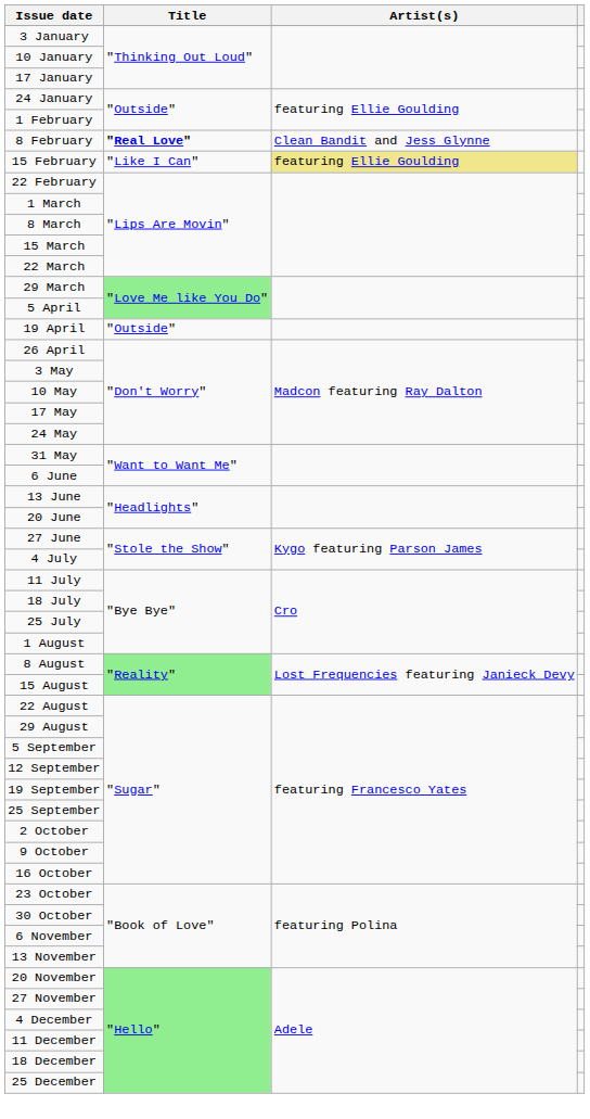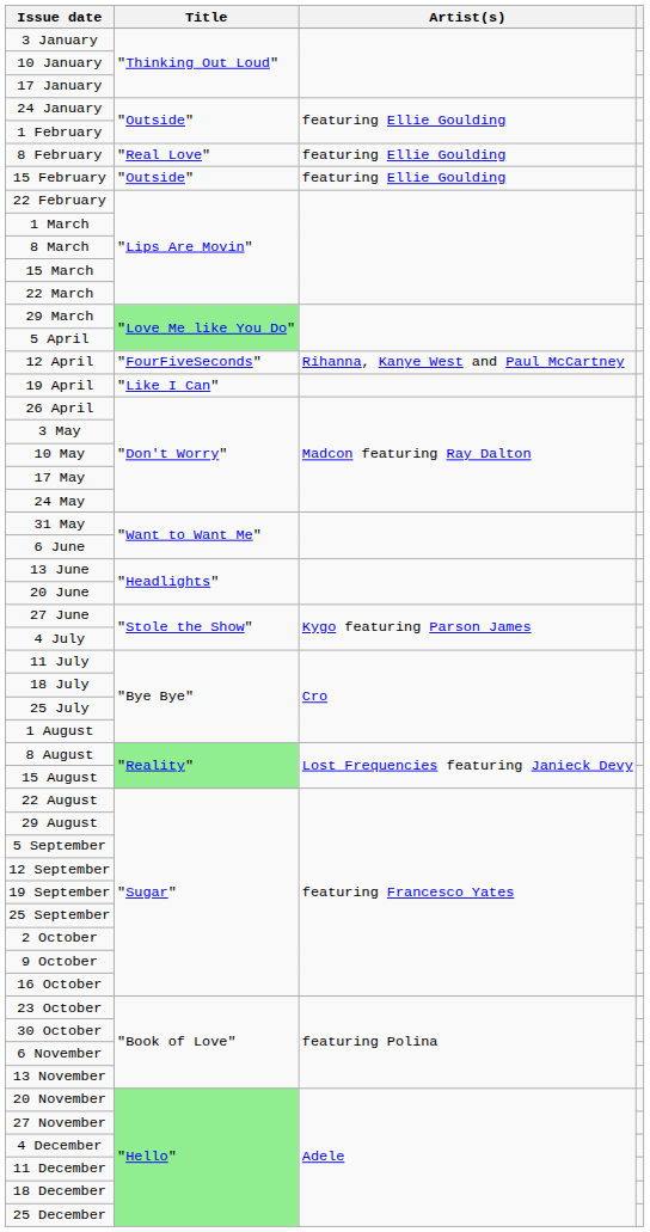 <table class="sortable wikitable sortable plainrowheaders">
 <tr>
 <th scope=col class="sortable">Issue date</th>
 <th scope=col class="sortable">Title</th>
 <th scope=col class="sortable">Artist(s)</th>
 <th scope=col class="unsortable"></th>
 </tr>
 <tr class=unsortable>
 </tr>
 <tr>
 <td scope="row" style="text-align:center;">3 January</td>
 <td scope="row" rowspan="3">"<a href='#'>Thinking Out Loud</a>"</td>
 <td rowspan="3"></td>
 <td style="text-align:center;"></td>
 </tr>
 <tr>
 <td scope="row" style="text-align:center;">10 January</td>
 <td style="text-align:center;"></td>
 </tr>
 <tr>
 <td scope="row" style="text-align:center;">17 January</td>
 <td style="text-align:center;"></td>
 </tr>
 <tr>
 <td scope="row" style="text-align:center;">24 January</td>
 <td scope="row" rowspan="2">"<a href='#'>Outside</a>"</td>
 <td rowspan="2"> featuring <a href='#'>Ellie Goulding</a></td>
 <td style="text-align:center;"></td>
 </tr>
 <tr>
 <td scope="row" style="text-align:center;">1 February</td>
 <td style="text-align:center;"></td>
 </tr>
 <tr>
 <td scope="row" style="text-align:center;">8 February</td>
-<td scope="row"><strong>"<a href='#'>Real Love</a>"</strong></td>
-<td><a href='#'>Clean Bandit</a> and <a href='#'>Jess Glynne</a></td>
+<td scope="row">"<a href='#'>Real Love</a>"</td>
+<td> featuring <a href='#'>Ellie Goulding</a></td>
 <td style="text-align:center;"></td>
 </tr>
 <tr>
 <td scope="row" style="text-align:center;">15 February</td>
-<td scope="row">"<a href='#'>Like I Can</a>"</td>
-<td style="background: khaki;"> featuring <a href='#'>Ellie Goulding</a></td>
+<td scope="row">"<a href='#'>Outside</a>"</td>
+<td> featuring <a href='#'>Ellie Goulding</a></td>
 <td style="text-align:center;"></td>
 </tr>
 <tr>
 <td scope="row" style="text-align:center;">22 February</td>
 <td scope="row" rowspan="5">"<a href='#'>Lips Are Movin</a>"</td>
 <td rowspan="5"></td>
 <td style="text-align:center;"></td>
 </tr>
 <tr>
 <td scope="row" style="text-align:center;">1 March</td>
 <td style="text-align:center;"></td>
 </tr>
 <tr>
 <td scope="row" style="text-align:center;">8 March</td>
 <td style="text-align:center;"></td>
 </tr>
 <tr>
 <td scope="row" style="text-align:center;">15 March</td>
 <td style="text-align:center;"></td>
 </tr>
 <tr>
 <td scope="row" style="text-align:center;">22 March</td>
 <td style="text-align:center;"></td>
 </tr>
 <tr>
 <td scope="row" style="text-align:center;">29 March</td>
 <td scope="row" rowspan="2" style="background-color:lightgreen">"<a href='#'>Love Me like You Do</a>" </td>
 <td rowspan="2"></td>
 <td style="text-align:center;"></td>
 </tr>
 <tr>
 <td scope="row" style="text-align:center;">5 April</td>
 <td style="text-align:center;"></td>
 </tr>
 <tr>
+<td scope="row" style="text-align:center;">12 April</td>
+<td scope="row">"<a href='#'>FourFiveSeconds</a>"</td>
+<td><a href='#'>Rihanna</a>, <a href='#'>Kanye West</a> and <a href='#'>Paul McCartney</a></td>
+<td style="text-align:center;"></td>
+</tr>
+<tr>
 <td scope="row" style="text-align:center;">19 April</td>
-<td scope="row">"<a href='#'>Outside</a>"</td>
+<td scope="row">"<a href='#'>Like I Can</a>"</td>
 <td></td>
 <td style="text-align:center;"></td>
 </tr>
 <tr>
 <td scope="row" style="text-align:center;">26 April</td>
 <td scope="row" rowspan="5">"<a href='#'>Don't Worry</a>"</td>
 <td rowspan="5"><a href='#'>Madcon</a> featuring <a href='#'>Ray Dalton</a></td>
 <td style="text-align:center;"></td>
 </tr>
 <tr>
 <td scope="row" style="text-align:center;">3 May</td>
 <td style="text-align:center;"></td>
 </tr>
 <tr>
 <td scope="row" style="text-align:center;">10 May</td>
 <td style="text-align:center;"></td>
 </tr>
 <tr>
 <td scope="row" style="text-align:center;">17 May</td>
 <td style="text-align:center;"></td>
 </tr>
 <tr>
 <td scope="row" style="text-align:center;">24 May</td>
 <td style="text-align:center;"></td>
 </tr>
 <tr>
 <td scope="row" style="text-align:center;">31 May</td>
 <td scope="row" rowspan="2">"<a href='#'>Want to Want Me</a>"</td>
 <td rowspan="2"></td>
 <td style="text-align:center;"></td>
 </tr>
 <tr>
 <td scope="row" style="text-align:center;">6 June</td>
 <td style="text-align:center;"></td>
 </tr>
 <tr>
 <td scope="row" style="text-align:center;">13 June</td>
 <td scope="row" rowspan="2">"<a href='#'>Headlights</a>"</td>
 <td rowspan="2"></td>
 <td style="text-align:center;"></td>
 </tr>
 <tr>
 <td scope="row" style="text-align:center;">20 June</td>
 <td style="text-align:center;"></td>
 </tr>
 <tr>
 <td scope="row" style="text-align:center;">27 June</td>
 <td scope="row" rowspan="2">"<a href='#'>Stole the Show</a>"</td>
 <td rowspan="2"><a href='#'>Kygo</a> featuring <a href='#'>Parson James</a></td>
 <td style="text-align:center;"></td>
 </tr>
 <tr>
 <td scope="row" style="text-align:center;">4 July</td>
 <td style="text-align:center;"></td>
 </tr>
 <tr>
 <td scope="row" style="text-align:center;">11 July</td>
 <td scope="row" rowspan="4">"Bye Bye"</td>
 <td rowspan="4"><a href='#'>Cro</a></td>
 <td style="text-align:center;"></td>
 </tr>
 <tr>
 <td scope="row" style="text-align:center;">18 July</td>
 <td style="text-align:center;"></td>
 </tr>
 <tr>
 <td scope="row" style="text-align:center;">25 July</td>
 <td style="text-align:center;"></td>
 </tr>
 <tr>
 <td scope="row" style="text-align:center;">1 August</td>
 <td style="text-align:center;"></td>
 </tr>
 <tr>
 <td scope="row" style="text-align:center;">8 August</td>
 <td scope="row" rowspan="2" style="background-color:lightgreen">"<a href='#'>Reality</a>"</td>
 <td rowspan="2"><a href='#'>Lost Frequencies</a> featuring <a href='#'>Janieck Devy</a></td>
 <td style="text-align:center;"></td>
 </tr>
 <tr>
 <td scope="row" style="text-align:center;">15 August</td>
 <td style="text-align:center;"></td>
 </tr>
 <tr>
 <td scope="row" style="text-align:center;">22 August</td>
 <td scope="row" rowspan="9">"<a href='#'>Sugar</a>"</td>
 <td rowspan="9"> featuring <a href='#'>Francesco Yates</a></td>
 <td style="text-align:center;"></td>
 </tr>
 <tr>
 <td scope="row" style="text-align:center;">29 August</td>
 <td style="text-align:center;"></td>
 </tr>
 <tr>
 <td scope="row" style="text-align:center;">5 September</td>
 <td style="text-align:center;"></td>
 </tr>
 <tr>
 <td scope="row" style="text-align:center;">12 September</td>
 <td style="text-align:center;"></td>
 </tr>
 <tr>
 <td scope="row" style="text-align:center;">19 September</td>
 <td style="text-align:center;"></td>
 </tr>
 <tr>
 <td scope="row" style="text-align:center;">25 September</td>
 <td style="text-align:center;"></td>
 </tr>
 <tr>
 <td scope="row" style="text-align:center;">2 October</td>
 <td style="text-align:center;"></td>
 </tr>
 <tr>
 <td scope="row" style="text-align:center;">9 October</td>
 <td style="text-align:center;"></td>
 </tr>
 <tr>
 <td scope="row" style="text-align:center;">16 October</td>
 <td style="text-align:center;"></td>
 </tr>
 <tr>
 <td scope="row" style="text-align:center;">23 October</td>
 <td scope="row" rowspan="4">"Book of Love"</td>
 <td rowspan="4"> featuring Polina</td>
 <td style="text-align:center;"></td>
 </tr>
 <tr>
 <td scope="row" style="text-align:center;">30 October</td>
 <td style="text-align:center;"></td>
 </tr>
 <tr>
 <td scope="row" style="text-align:center;">6 November</td>
 <td style="text-align:center;"></td>
 </tr>
 <tr>
 <td scope="row" style="text-align:center;">13 November</td>
 <td style="text-align:center;"></td>
 </tr>
 <tr>
 <td scope="row" style="text-align:center;">20 November</td>
 <td scope="row" rowspan="6" style="background-color:lightgreen">"<a href='#'>Hello</a>" </td>
 <td rowspan="6"><a href='#'>Adele</a></td>
 <td style="text-align:center;"></td>
 </tr>
 <tr>
 <td scope="row" style="text-align:center;">27 November</td>
 <td style="text-align:center;"></td>
 </tr>
 <tr>
 <td scope="row" style="text-align:center;">4 December</td>
 <td style="text-align:center;"></td>
 </tr>
 <tr>
 <td scope="row" style="text-align:center;">11 December</td>
 <td style="text-align:center;"></td>
 </tr>
 <tr>
 <td scope="row" style="text-align:center;">18 December</td>
 <td style="text-align:center;"></td>
 </tr>
 <tr>
 <td scope="row" style="text-align:center;">25 December</td>
 <td style="text-align:center;"></td>
 </tr>
 </table>
